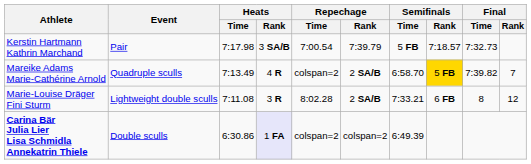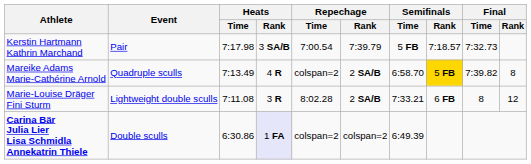 <table class="wikitable" style="font-size:90%">
 <tr>
 <th rowspan="2">Athlete</th>
 <th rowspan="2">Event</th>
 <th colspan="2">Heats</th>
 <th colspan="2">Repechage</th>
 <th colspan="2">Semifinals</th>
 <th colspan="2">Final</th>
 </tr>
 <tr style="font-size:95%">
 <th>Time</th>
 <th>Rank</th>
 <th>Time</th>
 <th>Rank</th>
 <th>Time</th>
 <th>Rank</th>
 <th>Time</th>
 <th>Rank</th>
 </tr>
 <tr align=center>
 <td align=left><a href='#'>Kerstin Hartmann</a><br><a href='#'>Kathrin Marchand</a></td>
 <td align=left><a href='#'>Pair</a></td>
 <td>7:17.98</td>
 <td>3 <strong>SA/B</strong></td>
 <td>7:00.54</td>
 <td>7:39.79</td>
 <td>5 <strong>FB</strong></td>
 <td>7:18.57</td>
 <td>7:32.73</td>
 </tr>
 <tr align=center>
 <td align=left><a href='#'>Mareike Adams</a><br><a href='#'>Marie-Cathérine Arnold</a></td>
 <td align=left><a href='#'>Quadruple sculls</a></td>
 <td>7:13.49</td>
 <td>4 <strong>R</strong></td>
 <td>colspan=2 </td>
 <td>2 <strong>SA/B</strong></td>
 <td>6:58.70</td>
 <td style="background: gold;">5 <strong>FB</strong></td>
 <td>7:39.82</td>
-<td>7</td>
+<td>8</td>
 </tr>
 <tr align=center>
 <td align=left><a href='#'>Marie-Louise Dräger</a><br><a href='#'>Fini Sturm</a></td>
 <td align=left><a href='#'>Lightweight double sculls</a></td>
 <td>7:11.08</td>
 <td>3 <strong>R</strong></td>
 <td>8:02.28</td>
 <td>2 <strong>SA/B</strong></td>
 <td>7:33.21</td>
 <td>6 <strong>FB</strong></td>
 <td>8</td>
 <td>12</td>
 </tr>
 <tr align=center>
 <td align=left><strong><a href='#'>Carina Bär</a><br><a href='#'>Julia Lier</a><br><a href='#'>Lisa Schmidla</a><br><a href='#'>Annekatrin Thiele</a></strong></td>
 <td align=left><a href='#'>Double sculls</a></td>
 <td>6:30.86</td>
 <td style="background: lavender;">1 <strong>FA</strong></td>
 <td>colspan=2 </td>
 <td>colspan=2 </td>
 <td>6:49.39</td>
 <td></td>
 </tr>
 </table>
